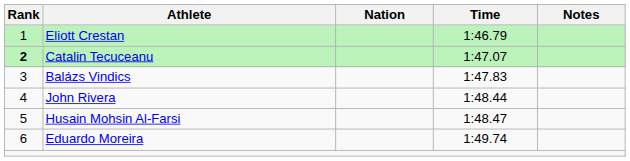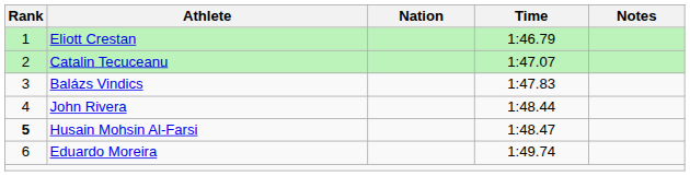 <table class="wikitable sortable" style="text-align:center;width: 60%;">
 <tr>
 <th scope="col" style="width: 10px;">Rank</th>
 <th scope="col">Athlete</th>
 <th scope="col">Nation</th>
 <th scope="col">Time</th>
 <th scope="col">Notes</th>
 </tr>
 <tr bgcolor=bbf3bb>
 <td>1</td>
 <td align=left><a href='#'>Eliott Crestan</a></td>
 <td align=left></td>
 <td>1:46.79</td>
 <td></td>
 </tr>
 <tr bgcolor=bbf3bb>
-<td><strong>2</strong></td>
+<td>2</td>
 <td align=left><a href='#'>Catalin Tecuceanu</a></td>
 <td align=left></td>
 <td>1:47.07</td>
 <td></td>
 </tr>
 <tr>
 <td>3</td>
 <td align=left><a href='#'>Balázs Vindics</a></td>
 <td align=left></td>
 <td>1:47.83</td>
 <td></td>
 </tr>
 <tr>
 <td>4</td>
 <td align=left><a href='#'>John Rivera</a></td>
 <td align=left></td>
 <td>1:48.44</td>
 <td></td>
 </tr>
 <tr>
-<td>5</td>
+<td><strong>5</strong></td>
 <td align=left><a href='#'>Husain Mohsin Al-Farsi</a></td>
 <td align=left></td>
 <td>1:48.47</td>
 <td></td>
 </tr>
 <tr>
 <td>6</td>
 <td align=left><a href='#'>Eduardo Moreira</a></td>
 <td align=left></td>
 <td>1:49.74</td>
 <td></td>
 </tr>
 <tr class="sortbottom">
 <td colspan="5"></td>
 </tr>
 </table>
